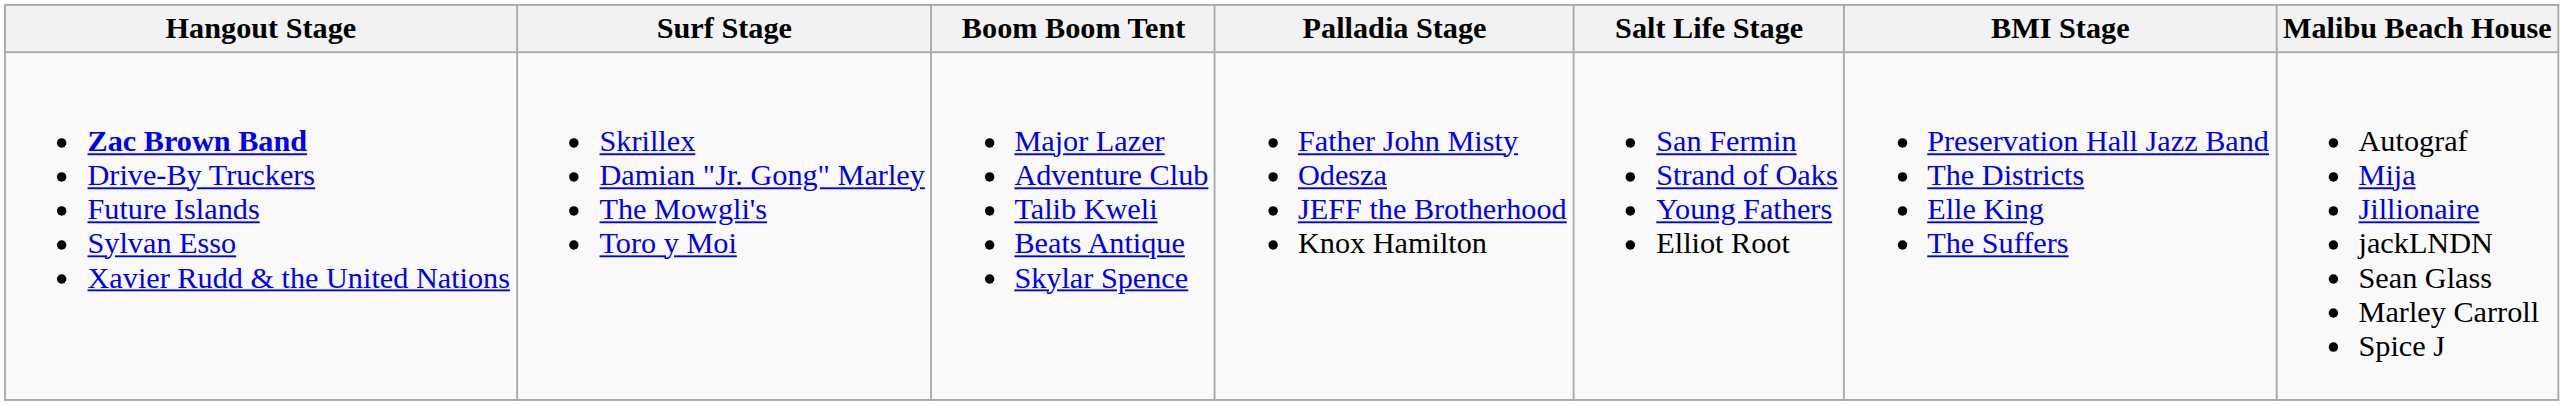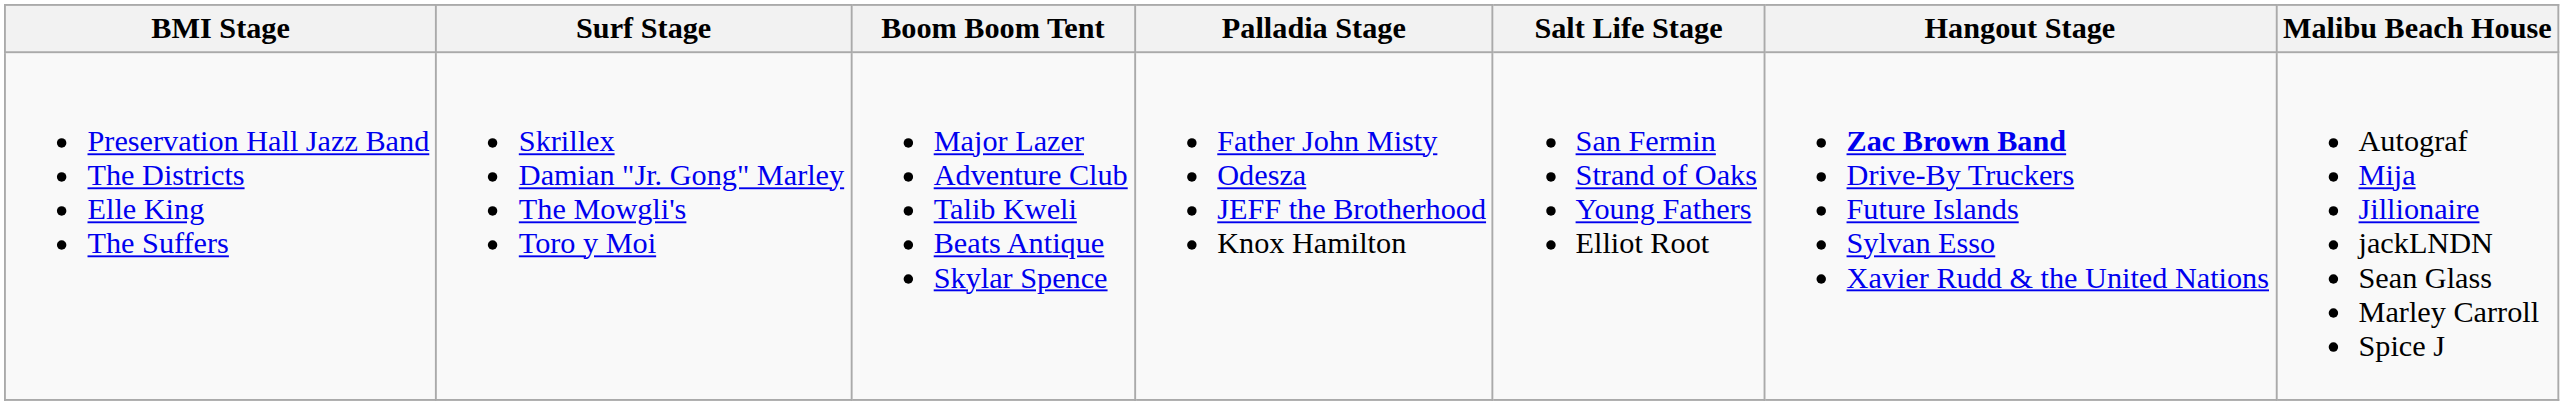 <table class="wikitable">
 <tr>
-<th>Hangout Stage</th>
+<th>BMI Stage</th>
 <th>Surf Stage</th>
 <th>Boom Boom Tent</th>
 <th>Palladia Stage</th>
 <th>Salt Life Stage</th>
-<th>BMI Stage</th>
+<th>Hangout Stage</th>
 <th>Malibu Beach House</th>
 </tr>
 <tr valign="top">
-<td><br><ul><li><strong><a href='#'>Zac Brown Band</a></strong></li><li><a href='#'>Drive-By Truckers</a></li><li><a href='#'>Future Islands</a></li><li><a href='#'>Sylvan Esso</a></li><li><a href='#'>Xavier Rudd & the United Nations</a></li></ul></td>
+<td><br><ul><li><a href='#'>Preservation Hall Jazz Band</a></li><li><a href='#'>The Districts</a></li><li><a href='#'>Elle King</a></li><li><a href='#'>The Suffers</a></li></ul></td>
 <td><br><ul><li><a href='#'>Skrillex</a></li><li><a href='#'>Damian "Jr. Gong" Marley</a></li><li><a href='#'>The Mowgli's</a></li><li><a href='#'>Toro y Moi</a></li></ul></td>
 <td><br><ul><li><a href='#'>Major Lazer</a></li><li><a href='#'>Adventure Club</a></li><li><a href='#'>Talib Kweli</a></li><li><a href='#'>Beats Antique</a></li><li><a href='#'>Skylar Spence</a></li></ul></td>
 <td><br><ul><li><a href='#'>Father John Misty</a></li><li><a href='#'>Odesza</a></li><li><a href='#'>JEFF the Brotherhood</a></li><li>Knox Hamilton</li></ul></td>
 <td><br><ul><li><a href='#'>San Fermin</a></li><li><a href='#'>Strand of Oaks</a></li><li><a href='#'>Young Fathers</a></li><li>Elliot Root</li></ul></td>
-<td><br><ul><li><a href='#'>Preservation Hall Jazz Band</a></li><li><a href='#'>The Districts</a></li><li><a href='#'>Elle King</a></li><li><a href='#'>The Suffers</a></li></ul></td>
+<td><br><ul><li><strong><a href='#'>Zac Brown Band</a></strong></li><li><a href='#'>Drive-By Truckers</a></li><li><a href='#'>Future Islands</a></li><li><a href='#'>Sylvan Esso</a></li><li><a href='#'>Xavier Rudd & the United Nations</a></li></ul></td>
 <td><br><ul><li>Autograf</li><li><a href='#'>Mija</a></li><li><a href='#'>Jillionaire</a></li><li>jackLNDN</li><li>Sean Glass</li><li>Marley Carroll</li><li>Spice J</li></ul></td>
 </tr>
 </table>
